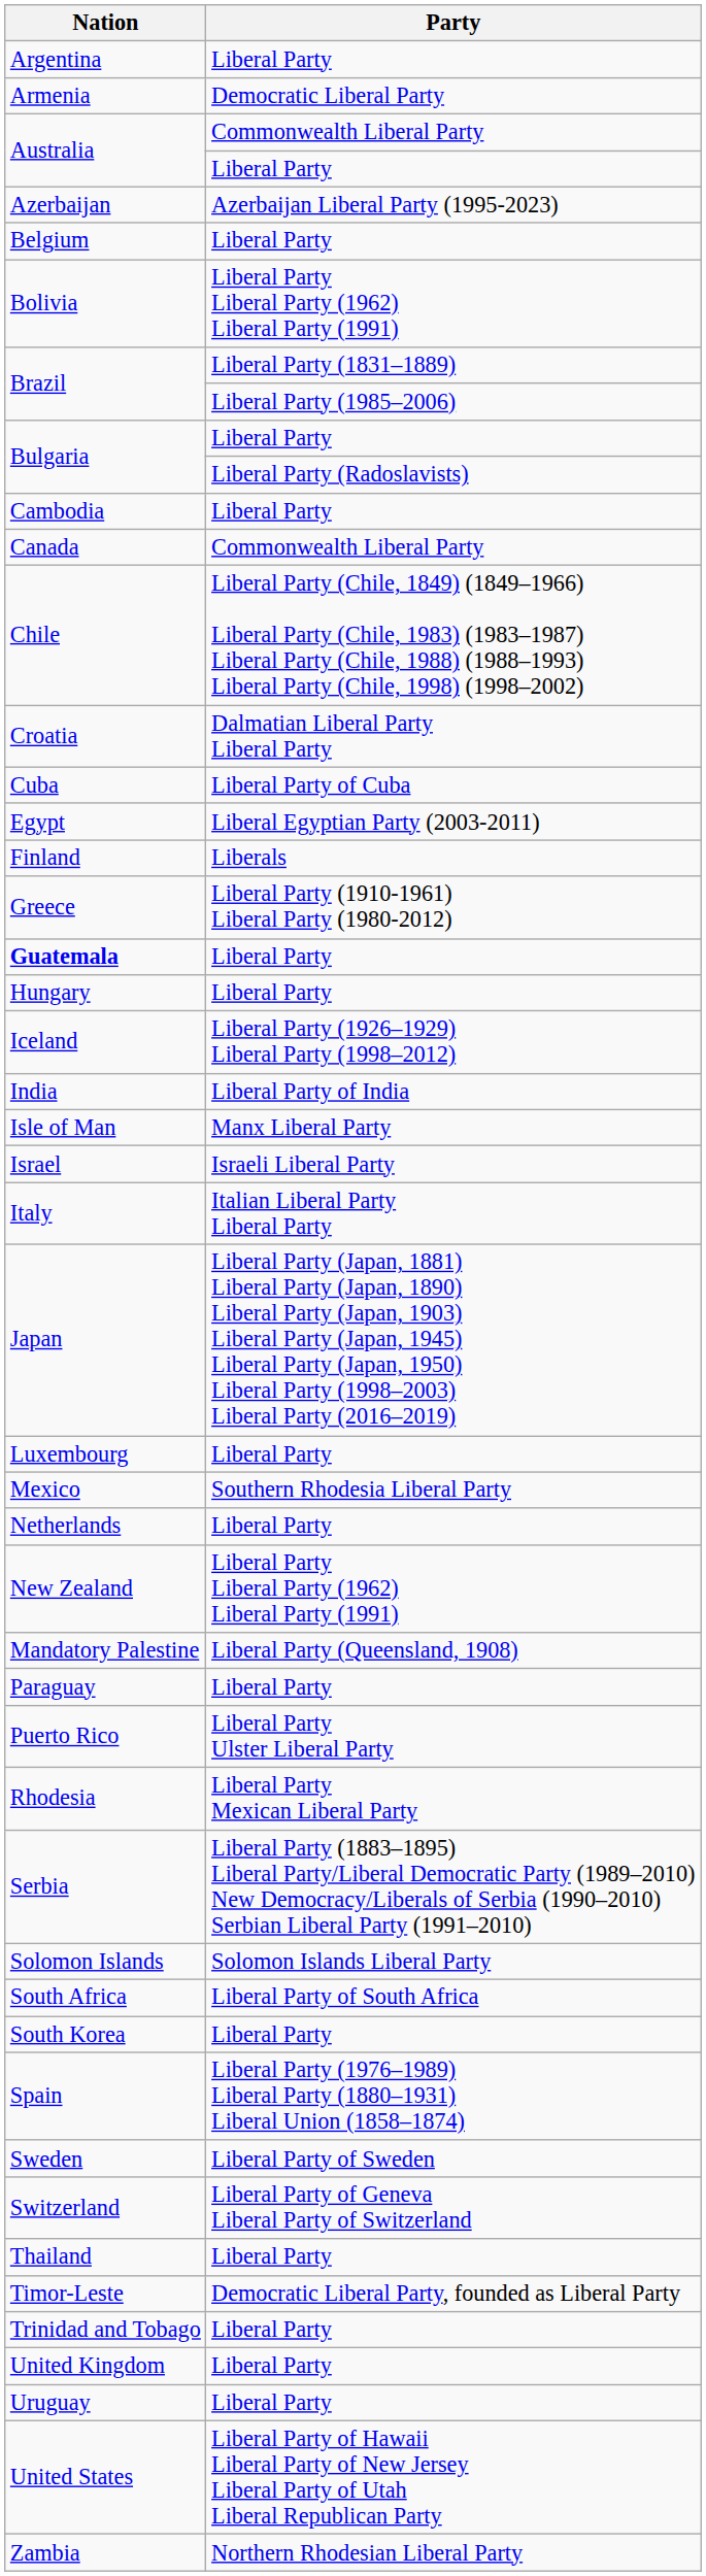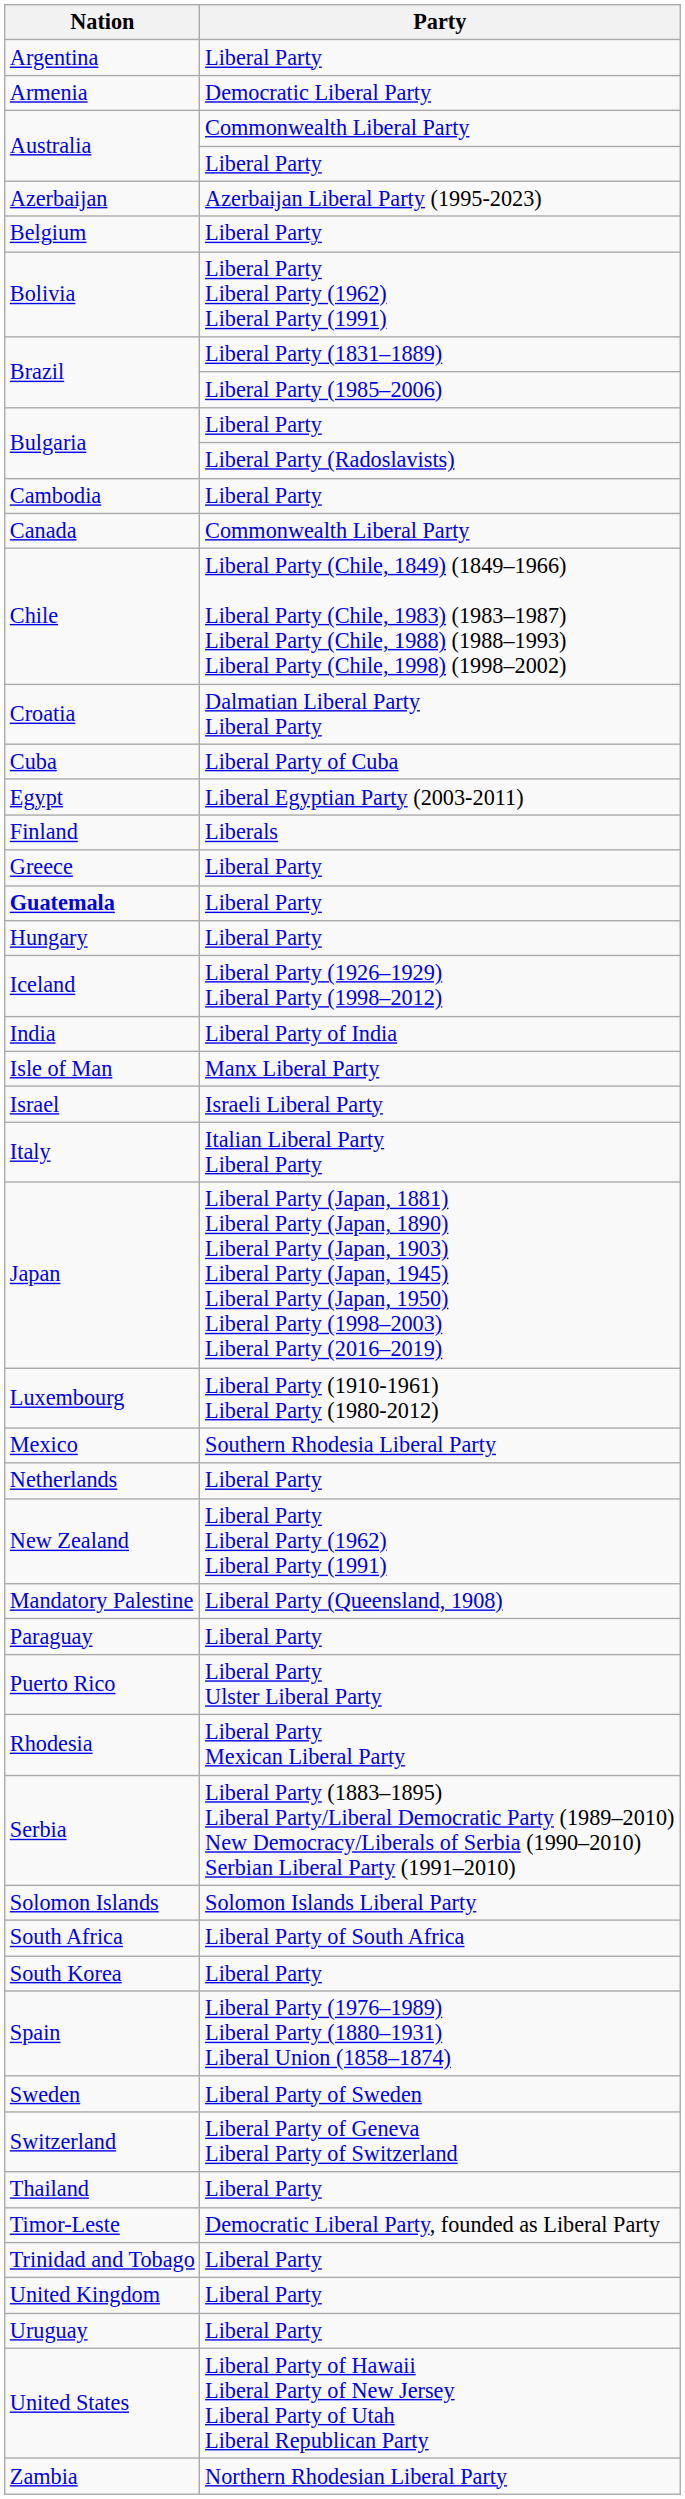 <table class="wikitable">
 <tr>
 <th>Nation</th>
 <th>Party</th>
 </tr>
 <tr>
 <td><a href='#'>Argentina</a></td>
 <td><a href='#'>Liberal Party</a></td>
 </tr>
 <tr>
 <td><a href='#'>Armenia</a></td>
 <td><a href='#'>Democratic Liberal Party</a></td>
 </tr>
 <tr>
 <td rowspan=2><a href='#'>Australia</a></td>
 <td><a href='#'>Commonwealth Liberal Party</a></td>
 </tr>
 <tr>
 <td><a href='#'>Liberal Party</a></td>
 </tr>
 <tr>
 <td><a href='#'>Azerbaijan</a></td>
 <td><a href='#'>Azerbaijan Liberal Party</a> (1995-2023)</td>
 </tr>
 <tr>
 <td><a href='#'>Belgium</a></td>
 <td><a href='#'>Liberal Party</a></td>
 </tr>
 <tr>
 <td><a href='#'>Bolivia</a></td>
 <td><a href='#'>Liberal Party</a><br><a href='#'>Liberal Party (1962)</a><br><a href='#'>Liberal Party (1991)</a></td>
 </tr>
 <tr>
 <td rowspan="2"><a href='#'>Brazil</a></td>
 <td><a href='#'>Liberal Party (1831–1889)</a></td>
 </tr>
 <tr>
 <td><a href='#'>Liberal Party (1985–2006)</a></td>
 </tr>
 <tr>
 <td rowspan=2><a href='#'>Bulgaria</a></td>
 <td><a href='#'>Liberal Party</a></td>
 </tr>
 <tr>
 <td><a href='#'>Liberal Party (Radoslavists)</a></td>
 </tr>
 <tr>
 <td><a href='#'>Cambodia</a></td>
 <td><a href='#'>Liberal Party</a></td>
 </tr>
 <tr>
 <td><a href='#'>Canada</a></td>
 <td><a href='#'>Commonwealth Liberal Party</a></td>
 </tr>
 <tr>
 <td><a href='#'>Chile</a></td>
 <td><a href='#'>Liberal Party (Chile, 1849)</a> (1849–1966)<br><br><a href='#'>Liberal Party (Chile, 1983)</a> (1983–1987) <br><a href='#'>Liberal Party (Chile, 1988)</a> (1988–1993) <br><a href='#'>Liberal Party (Chile, 1998)</a> (1998–2002)</td>
 </tr>
 <tr>
 <td><a href='#'>Croatia</a></td>
 <td><a href='#'>Dalmatian Liberal Party</a><br><a href='#'>Liberal Party</a></td>
 </tr>
 <tr>
 <td><a href='#'>Cuba</a></td>
 <td><a href='#'>Liberal Party of Cuba</a></td>
 </tr>
 <tr>
 <td><a href='#'>Egypt</a></td>
 <td><a href='#'>Liberal Egyptian Party</a> (2003-2011)</td>
 </tr>
 <tr>
 <td><a href='#'>Finland</a></td>
 <td><a href='#'>Liberals</a></td>
 </tr>
 <tr>
 <td><a href='#'>Greece</a></td>
-<td><a href='#'>Liberal Party</a> (1910-1961)<br><a href='#'>Liberal Party</a> (1980-2012)</td>
+<td><a href='#'>Liberal Party</a></td>
 </tr>
 <tr>
 <td><strong><a href='#'>Guatemala</a></strong></td>
 <td><a href='#'>Liberal Party</a></td>
 </tr>
 <tr>
 <td><a href='#'>Hungary</a></td>
 <td><a href='#'>Liberal Party</a></td>
 </tr>
 <tr>
 <td><a href='#'>Iceland</a></td>
 <td><a href='#'>Liberal Party (1926–1929)</a><br><a href='#'>Liberal Party (1998–2012)</a></td>
 </tr>
 <tr>
 <td><a href='#'>India</a></td>
 <td><a href='#'>Liberal Party of India</a></td>
 </tr>
 <tr>
 <td><a href='#'>Isle of Man</a></td>
 <td><a href='#'>Manx Liberal Party</a></td>
 </tr>
 <tr>
 <td><a href='#'>Israel</a></td>
 <td><a href='#'>Israeli Liberal Party</a></td>
 </tr>
 <tr>
 <td><a href='#'>Italy</a></td>
 <td><a href='#'>Italian Liberal Party</a><br><a href='#'>Liberal Party</a></td>
 </tr>
 <tr>
 <td><a href='#'>Japan</a></td>
 <td><a href='#'>Liberal Party (Japan, 1881)</a><br><a href='#'>Liberal Party (Japan, 1890)</a><br><a href='#'>Liberal Party (Japan, 1903)</a><br><a href='#'>Liberal Party (Japan, 1945)</a><br><a href='#'>Liberal Party (Japan, 1950)</a><br><a href='#'>Liberal Party (1998–2003)</a><br><a href='#'>Liberal Party (2016–2019)</a></td>
 </tr>
 <tr>
 <td><a href='#'>Luxembourg</a></td>
-<td><a href='#'>Liberal Party</a></td>
+<td><a href='#'>Liberal Party</a> (1910-1961)<br><a href='#'>Liberal Party</a> (1980-2012)</td>
 </tr>
 <tr>
 <td><a href='#'>Mexico</a></td>
 <td><a href='#'>Southern Rhodesia Liberal Party</a></td>
 </tr>
 <tr>
 <td><a href='#'>Netherlands</a></td>
 <td><a href='#'>Liberal Party</a></td>
 </tr>
 <tr>
 <td><a href='#'>New Zealand</a></td>
 <td><a href='#'>Liberal Party</a><br><a href='#'>Liberal Party (1962)</a><br><a href='#'>Liberal Party (1991)</a></td>
 </tr>
 <tr>
 <td><a href='#'>Mandatory Palestine</a></td>
 <td><a href='#'>Liberal Party (Queensland, 1908)</a></td>
 </tr>
 <tr>
 <td><a href='#'>Paraguay</a></td>
 <td><a href='#'>Liberal Party</a></td>
 </tr>
 <tr>
 <td><a href='#'>Puerto Rico</a></td>
 <td><a href='#'>Liberal Party</a><br><a href='#'>Ulster Liberal Party</a></td>
 </tr>
 <tr>
 <td><a href='#'>Rhodesia</a></td>
 <td><a href='#'>Liberal Party</a><br><a href='#'>Mexican Liberal Party</a></td>
 </tr>
 <tr>
 <td><a href='#'>Serbia</a></td>
 <td><a href='#'>Liberal Party</a> (1883–1895)<br><a href='#'>Liberal Party/Liberal Democratic Party</a> (1989–2010)<br><a href='#'>New Democracy/Liberals of Serbia</a> (1990–2010)<br><a href='#'>Serbian Liberal Party</a> (1991–2010)</td>
 </tr>
 <tr>
 <td><a href='#'>Solomon Islands</a></td>
 <td><a href='#'>Solomon Islands Liberal Party</a></td>
 </tr>
 <tr>
 <td><a href='#'>South Africa</a></td>
 <td><a href='#'>Liberal Party of South Africa</a></td>
 </tr>
 <tr>
 <td><a href='#'>South Korea</a></td>
 <td><a href='#'>Liberal Party</a></td>
 </tr>
 <tr>
 <td><a href='#'>Spain</a></td>
 <td><a href='#'>Liberal Party (1976–1989)</a><br><a href='#'>Liberal Party (1880–1931)</a><br><a href='#'>Liberal Union (1858–1874)</a></td>
 </tr>
 <tr>
 <td><a href='#'>Sweden</a></td>
 <td><a href='#'>Liberal Party of Sweden</a></td>
 </tr>
 <tr>
 <td><a href='#'>Switzerland</a></td>
 <td><a href='#'>Liberal Party of Geneva</a><br><a href='#'>Liberal Party of Switzerland</a></td>
 </tr>
 <tr>
 <td><a href='#'>Thailand</a></td>
 <td><a href='#'>Liberal Party</a></td>
 </tr>
 <tr>
 <td><a href='#'>Timor-Leste</a></td>
 <td><a href='#'>Democratic Liberal Party</a>, founded as Liberal Party</td>
 </tr>
 <tr>
 <td><a href='#'>Trinidad and Tobago</a></td>
 <td><a href='#'>Liberal Party</a></td>
 </tr>
 <tr>
 <td><a href='#'>United Kingdom</a></td>
 <td><a href='#'>Liberal Party</a></td>
 </tr>
 <tr>
 <td><a href='#'>Uruguay</a></td>
 <td><a href='#'>Liberal Party</a></td>
 </tr>
 <tr>
 <td><a href='#'>United States</a></td>
 <td><a href='#'>Liberal Party of Hawaii</a><br><a href='#'>Liberal Party of New Jersey</a><br><a href='#'>Liberal Party of Utah</a><br><a href='#'>Liberal Republican Party</a></td>
 </tr>
 <tr>
 <td><a href='#'>Zambia</a></td>
 <td><a href='#'>Northern Rhodesian Liberal Party</a></td>
 </tr>
 </table>
